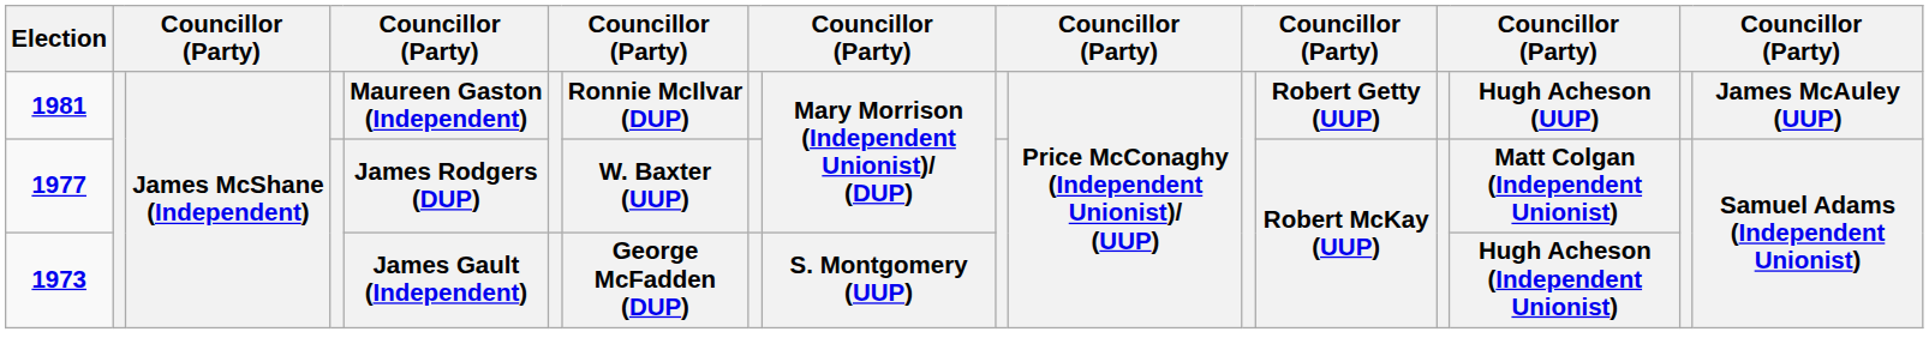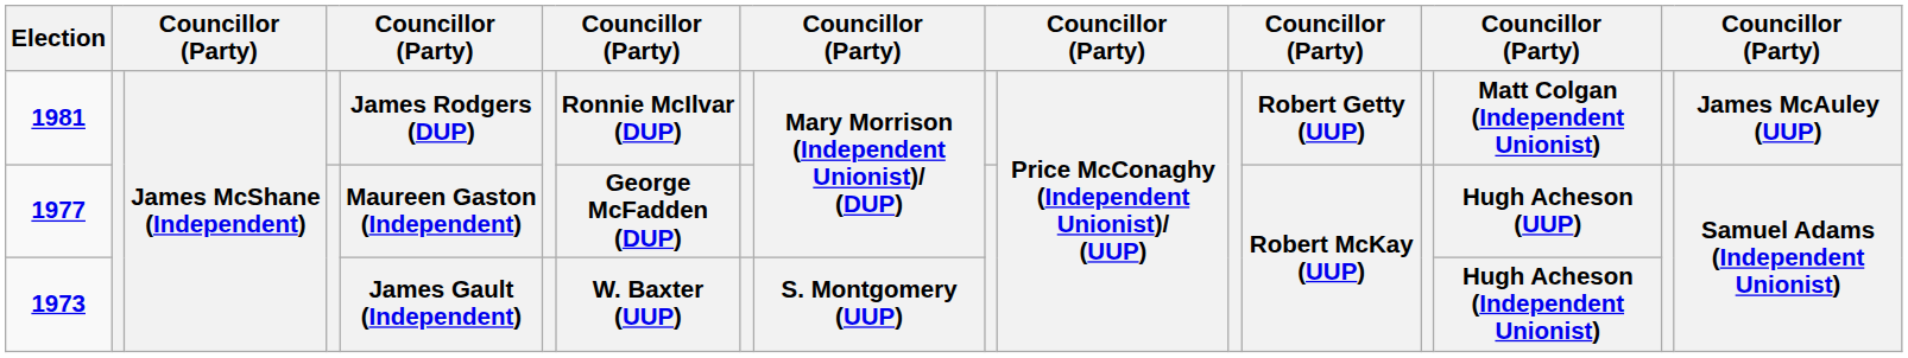 <table class="wikitable" style="text-align:center">
 <tr>
 <th scope="col" width="50">Election</th>
 <th scope="col" width="150" colspan = "2">Councillor<br> (Party)</th>
 <th scope="col" width="150" colspan = "2">Councillor<br> (Party)</th>
 <th scope="col" width="150" colspan = "2">Councillor<br> (Party)</th>
 <th scope="col" width="150" colspan = "2">Councillor<br> (Party)</th>
 <th scope="col" width="150" colspan = "2">Councillor<br> (Party)</th>
 <th scope="col" width="150" colspan = "2">Councillor<br> (Party)</th>
 <th scope="col" width="150" colspan = "2">Councillor<br> (Party)</th>
 <th scope="col" width="150" colspan = "2">Councillor<br> (Party)</th>
 </tr>
 <tr>
 <td><strong><a href='#'>1981</a></strong></td>
 <th rowspan="3" width="1" style="background-color: "></th>
 <th rowspan = "3">James McShane <br> (<a href='#'>Independent</a>)</th>
 <th rowspan="1" width="1" style="background-color: "></th>
-<th rowspan = "1">Maureen Gaston <br> (<a href='#'>Independent</a>)</th>
+<th rowspan = "1">James Rodgers <br> (<a href='#'>DUP</a>)</th>
 <th rowspan="2" width="1" style="background-color: "></th>
 <th rowspan = "1">Ronnie McIlvar <br> (<a href='#'>DUP</a>)</th>
 <th rowspan="1" width="1" style="background-color: "></th>
 <th rowspan = "2">Mary Morrison <br> (<a href='#'>Independent Unionist</a>)/ <br> (<a href='#'>DUP</a>)</th>
 <th rowspan="1" width="1" style="background-color: "></th>
 <th rowspan = "3">Price McConaghy <br> (<a href='#'>Independent Unionist</a>)/ <br> (<a href='#'>UUP</a>)</th>
 <th rowspan="3" width="1" style="background-color: "></th>
 <th rowspan = "1">Robert Getty <br> (<a href='#'>UUP</a>)</th>
 <th rowspan="1" width="1" style="background-color: "></th>
-<th rowspan = "1">Hugh Acheson <br> (<a href='#'>UUP</a>)</th>
+<th rowspan = "1">Matt Colgan <br> (<a href='#'>Independent Unionist</a>)</th>
 <th rowspan="1" width="1" style="background-color: "></th>
 <th rowspan = "1">James McAuley <br> (<a href='#'>UUP</a>)</th>
 </tr>
 <tr>
 <td><strong><a href='#'>1977</a></strong></td>
 <th rowspan="2" width="1" style="background-color: "></th>
-<th rowspan = "1">James Rodgers <br> (<a href='#'>DUP</a>)</th>
-<th rowspan = "1">W. Baxter <br> (<a href='#'>UUP</a>)</th>
+<th rowspan = "1">Maureen Gaston <br> (<a href='#'>Independent</a>)</th>
+<th rowspan = "1">George McFadden <br> (<a href='#'>DUP</a>)</th>
 <th rowspan="1" width="1" style="background-color: "></th>
 <th rowspan="2" width="1" style="background-color: "></th>
 <th rowspan = "2">Robert McKay <br> (<a href='#'>UUP</a>)</th>
 <th rowspan="2" width="1" style="background-color: "></th>
-<th rowspan = "1">Matt Colgan <br> (<a href='#'>Independent Unionist</a>)</th>
+<th rowspan = "1">Hugh Acheson <br> (<a href='#'>UUP</a>)</th>
 <th rowspan="2" width="1" style="background-color: "></th>
 <th rowspan = "2">Samuel Adams <br> (<a href='#'>Independent Unionist</a>)</th>
 </tr>
 <tr>
 <td><strong><a href='#'>1973</a></strong></td>
 <th rowspan = "1">James Gault <br> (<a href='#'>Independent</a>)</th>
 <th rowspan="1" width="1" style="background-color: "></th>
-<th rowspan = "1">George McFadden <br> (<a href='#'>DUP</a>)</th>
+<th rowspan = "1">W. Baxter <br> (<a href='#'>UUP</a>)</th>
 <th rowspan="1" width="1" style="background-color: "></th>
 <th rowspan = "1">S. Montgomery <br> (<a href='#'>UUP</a>)</th>
 <th rowspan = "1">Hugh Acheson <br> (<a href='#'>Independent Unionist</a>)</th>
 </tr>
 </table>
